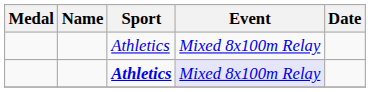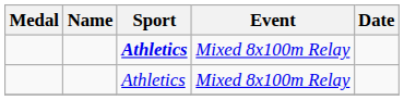 <table class="wikitable sortable" style="font-size: 95%;">
 <tr>
 <th>Medal</th>
 <th>Name</th>
 <th>Sport</th>
 <th>Event</th>
 <th>Date</th>
 </tr>
 <tr>
 <td><em> </em></td>
 <td><em> </em></td>
-<td><em><a href='#'>Athletics</a></em></td>
+<td><strong><em><a href='#'>Athletics</a></em></strong></td>
 <td><em><a href='#'>Mixed 8x100m Relay</a> </em></td>
 <td><em></em></td>
 </tr>
 <tr>
 <td><em> </em></td>
 <td><em> </em></td>
-<td><strong><em><a href='#'>Athletics</a></em></strong></td>
-<td style="background: lavender;"><em><a href='#'>Mixed 8x100m Relay</a> </em></td>
+<td><em><a href='#'>Athletics</a></em></td>
+<td><em><a href='#'>Mixed 8x100m Relay</a> </em></td>
 <td><em></em></td>
 </tr>
 <tr>
 </tr>
 </table>
